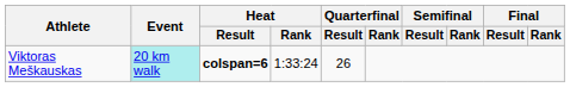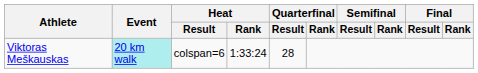 <table class="wikitable" style="font-size:90%">
 <tr>
 <th rowspan="2">Athlete</th>
 <th rowspan="2">Event</th>
 <th colspan="2">Heat</th>
 <th colspan="2">Quarterfinal</th>
 <th colspan="2">Semifinal</th>
 <th colspan="2">Final</th>
 </tr>
 <tr style="font-size:95%">
 <th>Result</th>
 <th>Rank</th>
 <th>Result</th>
 <th>Rank</th>
 <th>Result</th>
 <th>Rank</th>
 <th>Result</th>
 <th>Rank</th>
 </tr>
 <tr align=center>
 <td align=left><a href='#'>Viktoras Meškauskas</a></td>
 <td align=left style="background: paleturquoise;"><a href='#'>20 km walk</a></td>
-<td><strong>colspan=6 </strong></td>
+<td>colspan=6 </td>
 <td>1:33:24</td>
-<td>26</td>
+<td>28</td>
 </tr>
 </table>
